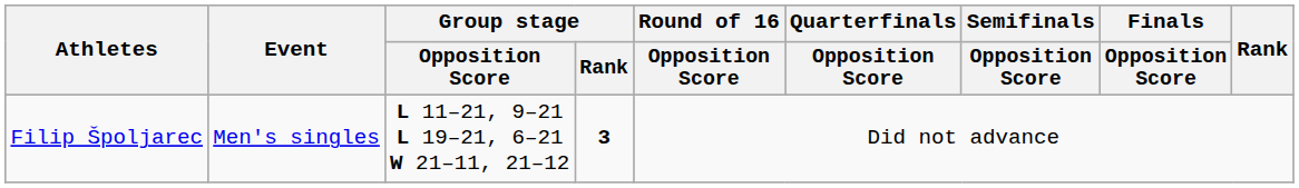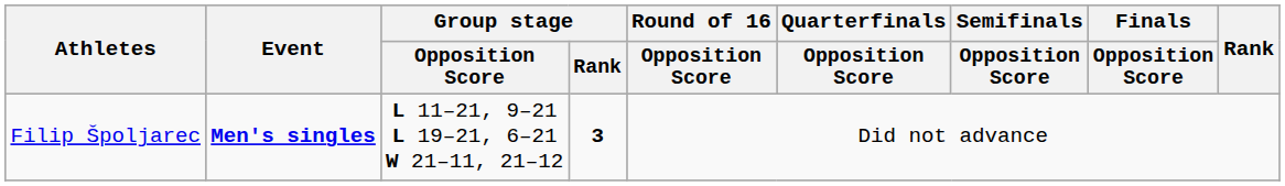 <table class=wikitable style="font-size:90%">
 <tr>
 <th rowspan="2">Athletes</th>
 <th rowspan="2">Event</th>
 <th colspan="2">Group stage</th>
 <th>Round of 16</th>
 <th>Quarterfinals</th>
 <th>Semifinals</th>
 <th>Finals</th>
 <th rowspan="2">Rank</th>
 </tr>
 <tr style="font-size:95%">
 <th>Opposition<br>Score</th>
 <th>Rank</th>
 <th>Opposition<br>Score</th>
 <th>Opposition<br>Score</th>
 <th>Opposition<br>Score</th>
 <th>Opposition<br>Score</th>
 </tr>
 <tr align=center>
 <td align=left><a href='#'>Filip Špoljarec</a></td>
-<td align=left><a href='#'>Men's singles</a></td>
+<td align=left><strong><a href='#'>Men's singles</a></strong></td>
 <td> <strong>L</strong> 11–21, 9–21<br> <strong>L</strong> 19–21, 6–21 <br> <strong>W</strong> 21–11, 21–12</td>
 <td><strong>3</strong></td>
 <td colspan=5>Did not advance</td>
 </tr>
 </table>
